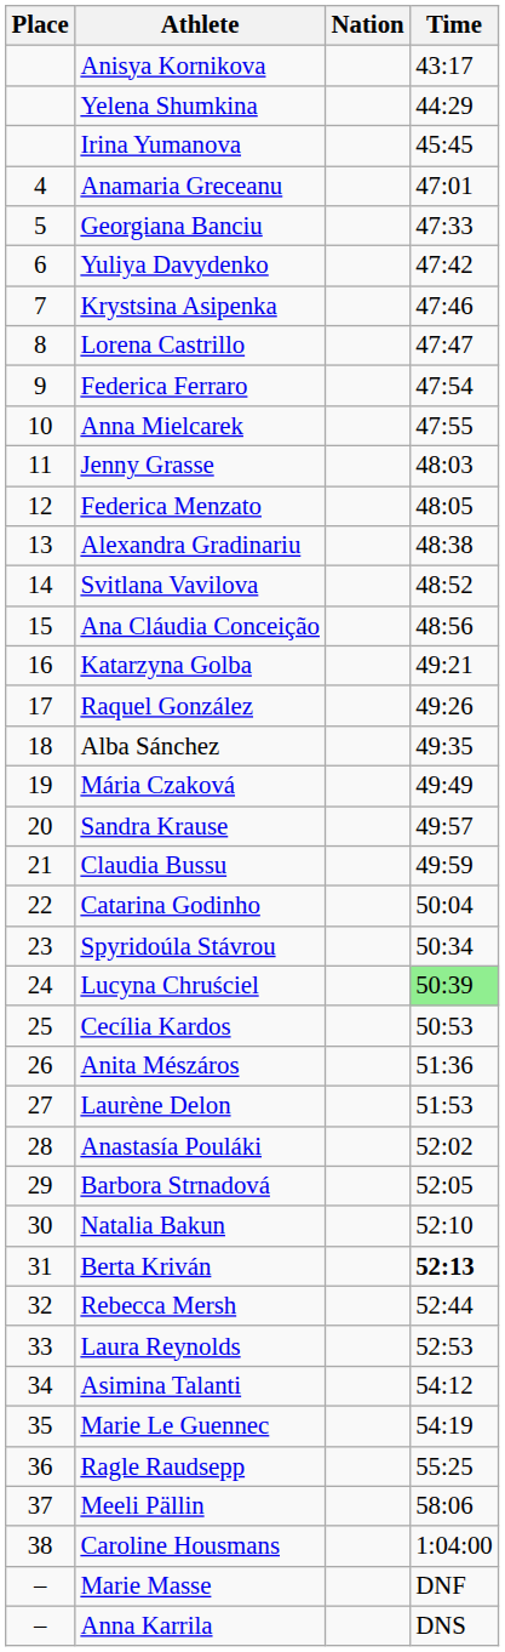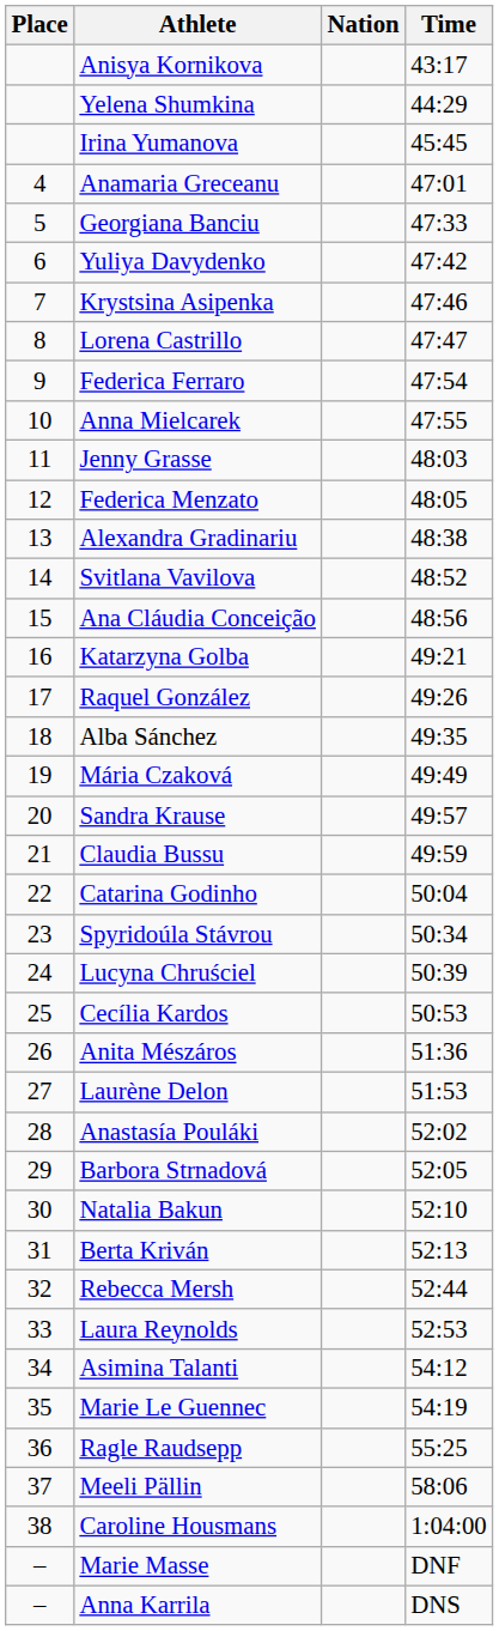 <table class=wikitable>
 <tr>
 <th>Place</th>
 <th>Athlete</th>
 <th>Nation</th>
 <th>Time</th>
 </tr>
 <tr>
 <td align=center></td>
 <td><a href='#'>Anisya Kornikova</a></td>
 <td></td>
 <td>43:17</td>
 </tr>
 <tr>
 <td align=center></td>
 <td><a href='#'>Yelena Shumkina</a></td>
 <td></td>
 <td>44:29</td>
 </tr>
 <tr>
 <td align=center></td>
 <td><a href='#'>Irina Yumanova</a></td>
 <td></td>
 <td>45:45</td>
 </tr>
 <tr>
 <td align=center>4</td>
 <td><a href='#'>Anamaria Greceanu</a></td>
 <td></td>
 <td>47:01</td>
 </tr>
 <tr>
 <td align=center>5</td>
 <td><a href='#'>Georgiana Banciu</a></td>
 <td></td>
 <td>47:33</td>
 </tr>
 <tr>
 <td align=center>6</td>
 <td><a href='#'>Yuliya Davydenko</a></td>
 <td></td>
 <td>47:42</td>
 </tr>
 <tr>
 <td align=center>7</td>
 <td><a href='#'>Krystsina Asipenka</a></td>
 <td></td>
 <td>47:46</td>
 </tr>
 <tr>
 <td align=center>8</td>
 <td><a href='#'>Lorena Castrillo</a></td>
 <td></td>
 <td>47:47</td>
 </tr>
 <tr>
 <td align=center>9</td>
 <td><a href='#'>Federica Ferraro</a></td>
 <td></td>
 <td>47:54</td>
 </tr>
 <tr>
 <td align=center>10</td>
 <td><a href='#'>Anna Mielcarek</a></td>
 <td></td>
 <td>47:55</td>
 </tr>
 <tr>
 <td align=center>11</td>
 <td><a href='#'>Jenny Grasse</a></td>
 <td></td>
 <td>48:03</td>
 </tr>
 <tr>
 <td align=center>12</td>
 <td><a href='#'>Federica Menzato</a></td>
 <td></td>
 <td>48:05</td>
 </tr>
 <tr>
 <td align=center>13</td>
 <td><a href='#'>Alexandra Gradinariu</a></td>
 <td></td>
 <td>48:38</td>
 </tr>
 <tr>
 <td align=center>14</td>
 <td><a href='#'>Svitlana Vavilova</a></td>
 <td></td>
 <td>48:52</td>
 </tr>
 <tr>
 <td align=center>15</td>
 <td><a href='#'>Ana Cláudia Conceição</a></td>
 <td></td>
 <td>48:56</td>
 </tr>
 <tr>
 <td align=center>16</td>
 <td><a href='#'>Katarzyna Golba</a></td>
 <td></td>
 <td>49:21</td>
 </tr>
 <tr>
 <td align=center>17</td>
 <td><a href='#'>Raquel González</a></td>
 <td></td>
 <td>49:26</td>
 </tr>
 <tr>
 <td align=center>18</td>
 <td>Alba Sánchez</td>
 <td></td>
 <td>49:35</td>
 </tr>
 <tr>
 <td align=center>19</td>
 <td><a href='#'>Mária Czaková</a></td>
 <td></td>
 <td>49:49</td>
 </tr>
 <tr>
 <td align=center>20</td>
 <td><a href='#'>Sandra Krause</a></td>
 <td></td>
 <td>49:57</td>
 </tr>
 <tr>
 <td align=center>21</td>
 <td><a href='#'>Claudia Bussu</a></td>
 <td></td>
 <td>49:59</td>
 </tr>
 <tr>
 <td align=center>22</td>
 <td><a href='#'>Catarina Godinho</a></td>
 <td></td>
 <td>50:04</td>
 </tr>
 <tr>
 <td align=center>23</td>
 <td><a href='#'>Spyridoúla Stávrou</a></td>
 <td></td>
 <td>50:34</td>
 </tr>
 <tr>
 <td align=center>24</td>
 <td><a href='#'>Lucyna Chruściel</a></td>
 <td></td>
-<td style="background: lightgreen;">50:39</td>
+<td>50:39</td>
 </tr>
 <tr>
 <td align=center>25</td>
 <td><a href='#'>Cecília Kardos</a></td>
 <td></td>
 <td>50:53</td>
 </tr>
 <tr>
 <td align=center>26</td>
 <td><a href='#'>Anita Mészáros</a></td>
 <td></td>
 <td>51:36</td>
 </tr>
 <tr>
 <td align=center>27</td>
 <td><a href='#'>Laurène Delon</a></td>
 <td></td>
 <td>51:53</td>
 </tr>
 <tr>
 <td align=center>28</td>
 <td><a href='#'>Anastasía Pouláki</a></td>
 <td></td>
 <td>52:02</td>
 </tr>
 <tr>
 <td align=center>29</td>
 <td><a href='#'>Barbora Strnadová</a></td>
 <td></td>
 <td>52:05</td>
 </tr>
 <tr>
 <td align=center>30</td>
 <td><a href='#'>Natalia Bakun</a></td>
 <td></td>
 <td>52:10</td>
 </tr>
 <tr>
 <td align=center>31</td>
 <td><a href='#'>Berta Kriván</a></td>
 <td></td>
-<td><strong>52:13</strong></td>
+<td>52:13</td>
 </tr>
 <tr>
 <td align=center>32</td>
 <td><a href='#'>Rebecca Mersh</a></td>
 <td></td>
 <td>52:44</td>
 </tr>
 <tr>
 <td align=center>33</td>
 <td><a href='#'>Laura Reynolds</a></td>
 <td></td>
 <td>52:53</td>
 </tr>
 <tr>
 <td align=center>34</td>
 <td><a href='#'>Asimina Talanti</a></td>
 <td></td>
 <td>54:12</td>
 </tr>
 <tr>
 <td align=center>35</td>
 <td><a href='#'>Marie Le Guennec</a></td>
 <td></td>
 <td>54:19</td>
 </tr>
 <tr>
 <td align=center>36</td>
 <td><a href='#'>Ragle Raudsepp</a></td>
 <td></td>
 <td>55:25</td>
 </tr>
 <tr>
 <td align=center>37</td>
 <td><a href='#'>Meeli Pällin</a></td>
 <td></td>
 <td>58:06</td>
 </tr>
 <tr>
 <td align=center>38</td>
 <td><a href='#'>Caroline Housmans</a></td>
 <td></td>
 <td>1:04:00</td>
 </tr>
 <tr>
 <td align=center>–</td>
 <td><a href='#'>Marie Masse</a></td>
 <td></td>
 <td>DNF</td>
 </tr>
 <tr>
 <td align=center>–</td>
 <td><a href='#'>Anna Karrila</a></td>
 <td></td>
 <td>DNS</td>
 </tr>
 </table>
